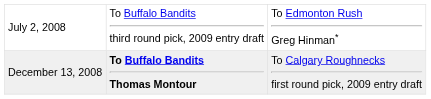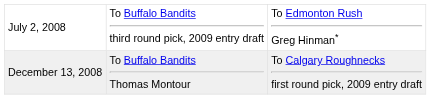 <table border=1 style="border-collapse:collapse" bordercolor="#DFDFDF"  cellpadding="5">
 <tr>
 <td>July 2, 2008<br></td>
 <td valign="top">To <a href='#'>Buffalo Bandits</a> <hr>third round pick, 2009 entry draft</td>
 <td valign="top">To <a href='#'>Edmonton Rush</a><hr>Greg Hinman<sup>*</sup></td>
 </tr>
 <tr bgcolor="#f0f0f0">
 <td>December 13, 2008<br></td>
-<td valign="top"><strong>To <a href='#'>Buffalo Bandits</a> <hr>Thomas Montour</strong></td>
+<td valign="top">To <a href='#'>Buffalo Bandits</a> <hr>Thomas Montour</td>
 <td valign="top">To <a href='#'>Calgary Roughnecks</a><hr>first round pick, 2009 entry draft</td>
 </tr>
 </table>
